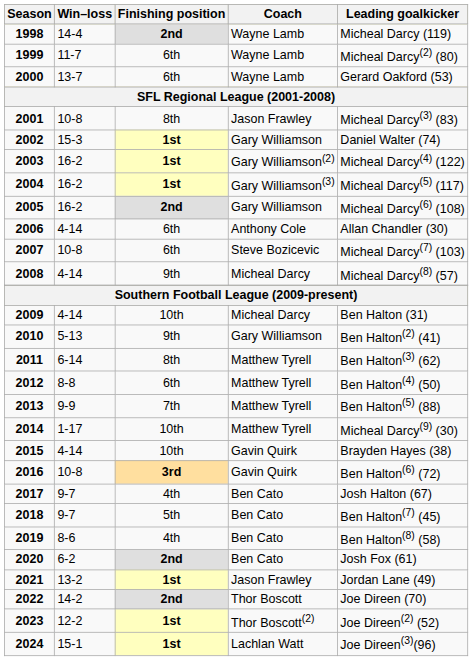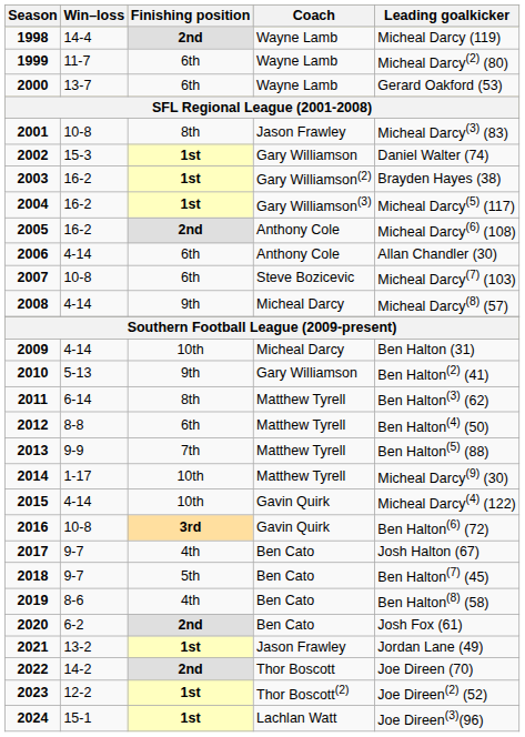 <table class="wikitable">
 <tr style="background:#bdb76b;">
 <th>Season</th>
 <th>Win–loss</th>
 <th>Finishing position</th>
 <th>Coach</th>
 <th>Leading goalkicker</th>
 </tr>
 <tr>
 <td align="center"><strong>1998</strong></td>
 <td>14-4</td>
 <td align="center" style="background: #dfdfdf"><strong>2nd</strong></td>
 <td>Wayne Lamb</td>
 <td>Micheal Darcy (119)</td>
 </tr>
 <tr>
 <td align="center"><strong>1999</strong></td>
 <td>11-7</td>
 <td align="center">6th</td>
 <td>Wayne Lamb</td>
 <td>Micheal Darcy<sup>(2)</sup> (80)</td>
 </tr>
 <tr>
 <td align="center"><strong>2000</strong></td>
 <td>13-7</td>
 <td align="center">6th</td>
 <td>Wayne Lamb</td>
 <td>Gerard Oakford (53)</td>
 </tr>
 <tr style="background:#bdb76b;">
 <th colspan="5">SFL Regional League (2001-2008)</th>
 </tr>
 <tr>
 <td align="center"><strong>2001</strong></td>
 <td>10-8</td>
 <td align="center">8th</td>
 <td>Jason Frawley</td>
 <td>Micheal Darcy<sup>(3)</sup> (83)</td>
 </tr>
 <tr>
 <td align="center"><strong>2002</strong></td>
 <td>15-3</td>
 <td align="center" style="background: #ffffbf"><strong>1st</strong></td>
 <td>Gary Williamson</td>
 <td>Daniel Walter (74)</td>
 </tr>
 <tr>
 <td align="center"><strong>2003</strong></td>
 <td>16-2</td>
 <td align="center" style="background: #ffffbf"><strong>1st</strong></td>
 <td>Gary Williamson<sup>(2)</sup></td>
-<td>Micheal Darcy<sup>(4)</sup> (122)</td>
+<td>Brayden Hayes (38)</td>
 </tr>
 <tr>
 <td align="center"><strong>2004</strong></td>
 <td>16-2</td>
 <td align="center" style="background: #ffffbf"><strong>1st</strong></td>
 <td>Gary Williamson<sup>(3)</sup></td>
 <td>Micheal Darcy<sup>(5)</sup> (117)</td>
 </tr>
 <tr>
 <td align="center"><strong>2005</strong></td>
 <td>16-2</td>
 <td align="center" style="background: #dfdfdf"><strong>2nd</strong></td>
-<td>Gary Williamson</td>
+<td>Anthony Cole</td>
 <td>Micheal Darcy<sup>(6)</sup> (108)</td>
 </tr>
 <tr>
 <td align="center"><strong>2006</strong></td>
 <td>4-14</td>
 <td align="center">6th</td>
 <td>Anthony Cole</td>
 <td>Allan Chandler (30)</td>
 </tr>
 <tr>
 <td align="center"><strong>2007</strong></td>
 <td>10-8</td>
 <td align="center">6th</td>
 <td>Steve Bozicevic</td>
 <td>Micheal Darcy<sup>(7)</sup> (103)</td>
 </tr>
 <tr>
 <td align="center"><strong>2008</strong></td>
 <td>4-14</td>
 <td align="center">9th</td>
 <td>Micheal Darcy</td>
 <td>Micheal Darcy<sup>(8)</sup> (57)</td>
 </tr>
 <tr>
 </tr>
 <tr style="background:#bdb76b;">
 <th colspan="5">Southern Football League (2009-present)</th>
 </tr>
 <tr>
 <td align="center"><strong>2009</strong></td>
 <td>4-14</td>
 <td align="center">10th</td>
 <td>Micheal Darcy</td>
 <td>Ben Halton (31)</td>
 </tr>
 <tr>
 <td align="center"><strong>2010</strong></td>
 <td>5-13</td>
 <td align="center">9th</td>
 <td>Gary Williamson</td>
 <td>Ben Halton<sup>(2)</sup> (41)</td>
 </tr>
 <tr>
 <td align="center"><strong>2011</strong></td>
 <td>6-14</td>
 <td align="center">8th</td>
 <td>Matthew Tyrell</td>
 <td>Ben Halton<sup>(3)</sup> (62)</td>
 </tr>
 <tr>
 <td align="center"><strong>2012</strong></td>
 <td>8-8</td>
 <td align="center">6th</td>
 <td>Matthew Tyrell</td>
 <td>Ben Halton<sup>(4)</sup> (50)</td>
 </tr>
 <tr>
 <td align="center"><strong>2013</strong></td>
 <td>9-9</td>
 <td align="center">7th</td>
 <td>Matthew Tyrell</td>
 <td>Ben Halton<sup>(5)</sup> (88)</td>
 </tr>
 <tr>
 <td align="center"><strong>2014</strong></td>
 <td>1-17</td>
 <td align="center">10th</td>
 <td>Matthew Tyrell</td>
 <td>Micheal Darcy<sup>(9)</sup> (30)</td>
 </tr>
 <tr>
 <td align="center"><strong>2015</strong></td>
 <td>4-14</td>
 <td align="center">10th</td>
 <td>Gavin Quirk</td>
-<td>Brayden Hayes (38)</td>
+<td>Micheal Darcy<sup>(4)</sup> (122)</td>
 </tr>
 <tr>
 <td align="center"><strong>2016</strong></td>
 <td>10-8</td>
 <td align="center" style="background: #ffdf9f"><strong>3rd</strong></td>
 <td>Gavin Quirk</td>
 <td>Ben Halton<sup>(6)</sup> (72)</td>
 </tr>
 <tr>
 <td align="center"><strong>2017</strong></td>
 <td>9-7</td>
 <td align="center">4th</td>
 <td>Ben Cato</td>
 <td>Josh Halton (67)</td>
 </tr>
 <tr>
 <td align="center"><strong>2018</strong></td>
 <td>9-7</td>
 <td align="center">5th</td>
 <td>Ben Cato</td>
 <td>Ben Halton<sup>(7)</sup> (45)</td>
 </tr>
 <tr>
 <td align="center"><strong>2019</strong></td>
 <td>8-6</td>
 <td align="center">4th</td>
 <td>Ben Cato</td>
 <td>Ben Halton<sup>(8)</sup> (58)</td>
 </tr>
 <tr>
 <td align="center"><strong>2020</strong></td>
 <td>6-2</td>
 <td align="center" style="background: #dfdfdf"><strong>2nd</strong></td>
 <td>Ben Cato</td>
 <td>Josh Fox (61)</td>
 </tr>
 <tr>
 <td align="center"><strong>2021</strong></td>
 <td>13-2</td>
 <td align="center" style="background: #ffffbf"><strong>1st</strong></td>
 <td>Jason Frawley</td>
 <td>Jordan Lane (49)</td>
 </tr>
 <tr>
 <td align="center"><strong>2022</strong></td>
 <td>14-2</td>
 <td align="center" style="background: #dfdfdf"><strong>2nd</strong></td>
 <td>Thor Boscott</td>
 <td>Joe Direen (70)</td>
 </tr>
 <tr>
 <td align="center"><strong>2023</strong></td>
 <td>12-2</td>
 <td align="center" style="background: #ffffbf"><strong>1st</strong></td>
 <td>Thor Boscott<sup>(2)</sup></td>
 <td>Joe Direen<sup>(2)</sup> (52)</td>
 </tr>
 <tr>
 <td align="center"><strong>2024</strong></td>
 <td>15-1</td>
 <td align="center" style="background: #ffffbf"><strong>1st</strong></td>
 <td>Lachlan Watt</td>
 <td>Joe Direen<sup>(3)</sup>(96)</td>
 </tr>
 </table>
